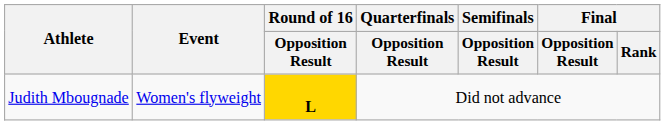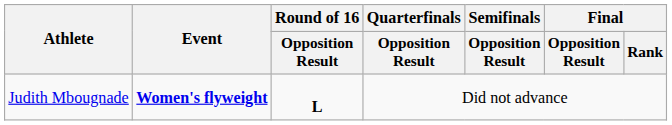 <table class="wikitable" style="font-size:90%">
 <tr>
 <th rowspan="2">Athlete</th>
 <th rowspan="2">Event</th>
 <th>Round of 16</th>
 <th>Quarterfinals</th>
 <th>Semifinals</th>
 <th colspan=2>Final</th>
 </tr>
 <tr style="font-size:95%">
 <th>Opposition<br>Result</th>
 <th>Opposition<br>Result</th>
 <th>Opposition<br>Result</th>
 <th>Opposition<br>Result</th>
 <th>Rank</th>
 </tr>
 <tr align=center>
 <td align=left><a href='#'>Judith Mbougnade</a></td>
-<td align=left><a href='#'>Women's flyweight</a></td>
-<td style="background: gold;"><br><strong>L</strong> </td>
+<td align=left><strong><a href='#'>Women's flyweight</a></strong></td>
+<td><br><strong>L</strong> </td>
 <td colspan=4>Did not advance</td>
 </tr>
 </table>
